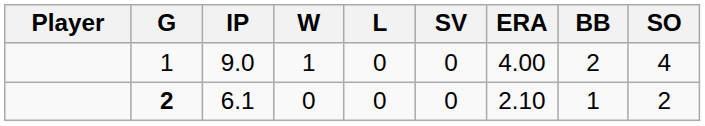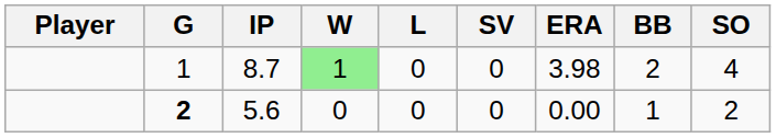 <table class="wikitable sortable">
 <tr>
 <th bgcolor="#DDDDFF" width="16%">Player</th>
 <th bgcolor="#DDDDFF" width="9%">G</th>
 <th bgcolor="#DDDDFF" width="9%">IP</th>
 <th bgcolor="#DDDDFF" width="9%">W</th>
 <th bgcolor="#DDDDFF" width="9%">L</th>
 <th bgcolor="#DDDDFF" width="9%">SV</th>
 <th bgcolor="#DDDDFF" width="9%">ERA</th>
 <th bgcolor="#DDDDFF" width="9%">BB</th>
 <th bgcolor="#DDDDFF" width="9%">SO</th>
 </tr>
 <tr align="center">
 <td></td>
 <td>1</td>
-<td>9.0</td>
-<td>1</td>
+<td>8.7</td>
+<td style="background: lightgreen;">1</td>
 <td>0</td>
 <td>0</td>
-<td>4.00</td>
+<td>3.98</td>
 <td>2</td>
 <td>4</td>
 </tr>
 <tr align="center">
 <td></td>
 <td><strong>2</strong></td>
-<td>6.1</td>
+<td>5.6</td>
 <td>0</td>
 <td>0</td>
 <td>0</td>
-<td>2.10</td>
+<td>0.00</td>
 <td>1</td>
 <td>2</td>
 </tr>
 </table>
